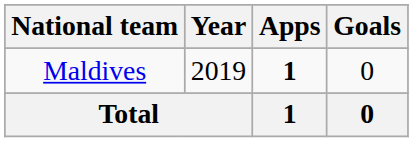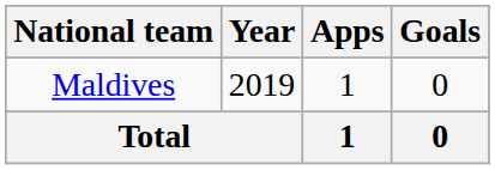 <table class="wikitable" style="text-align:center">
 <tr>
 <th>National team</th>
 <th>Year</th>
 <th>Apps</th>
 <th>Goals</th>
 </tr>
 <tr>
 <td rowspan="1"><a href='#'>Maldives</a></td>
 <td>2019</td>
-<td><strong>1</strong></td>
+<td>1</td>
 <td>0</td>
 </tr>
 <tr>
 <th colspan=2>Total</th>
 <th>1</th>
 <th>0</th>
 </tr>
 </table>
